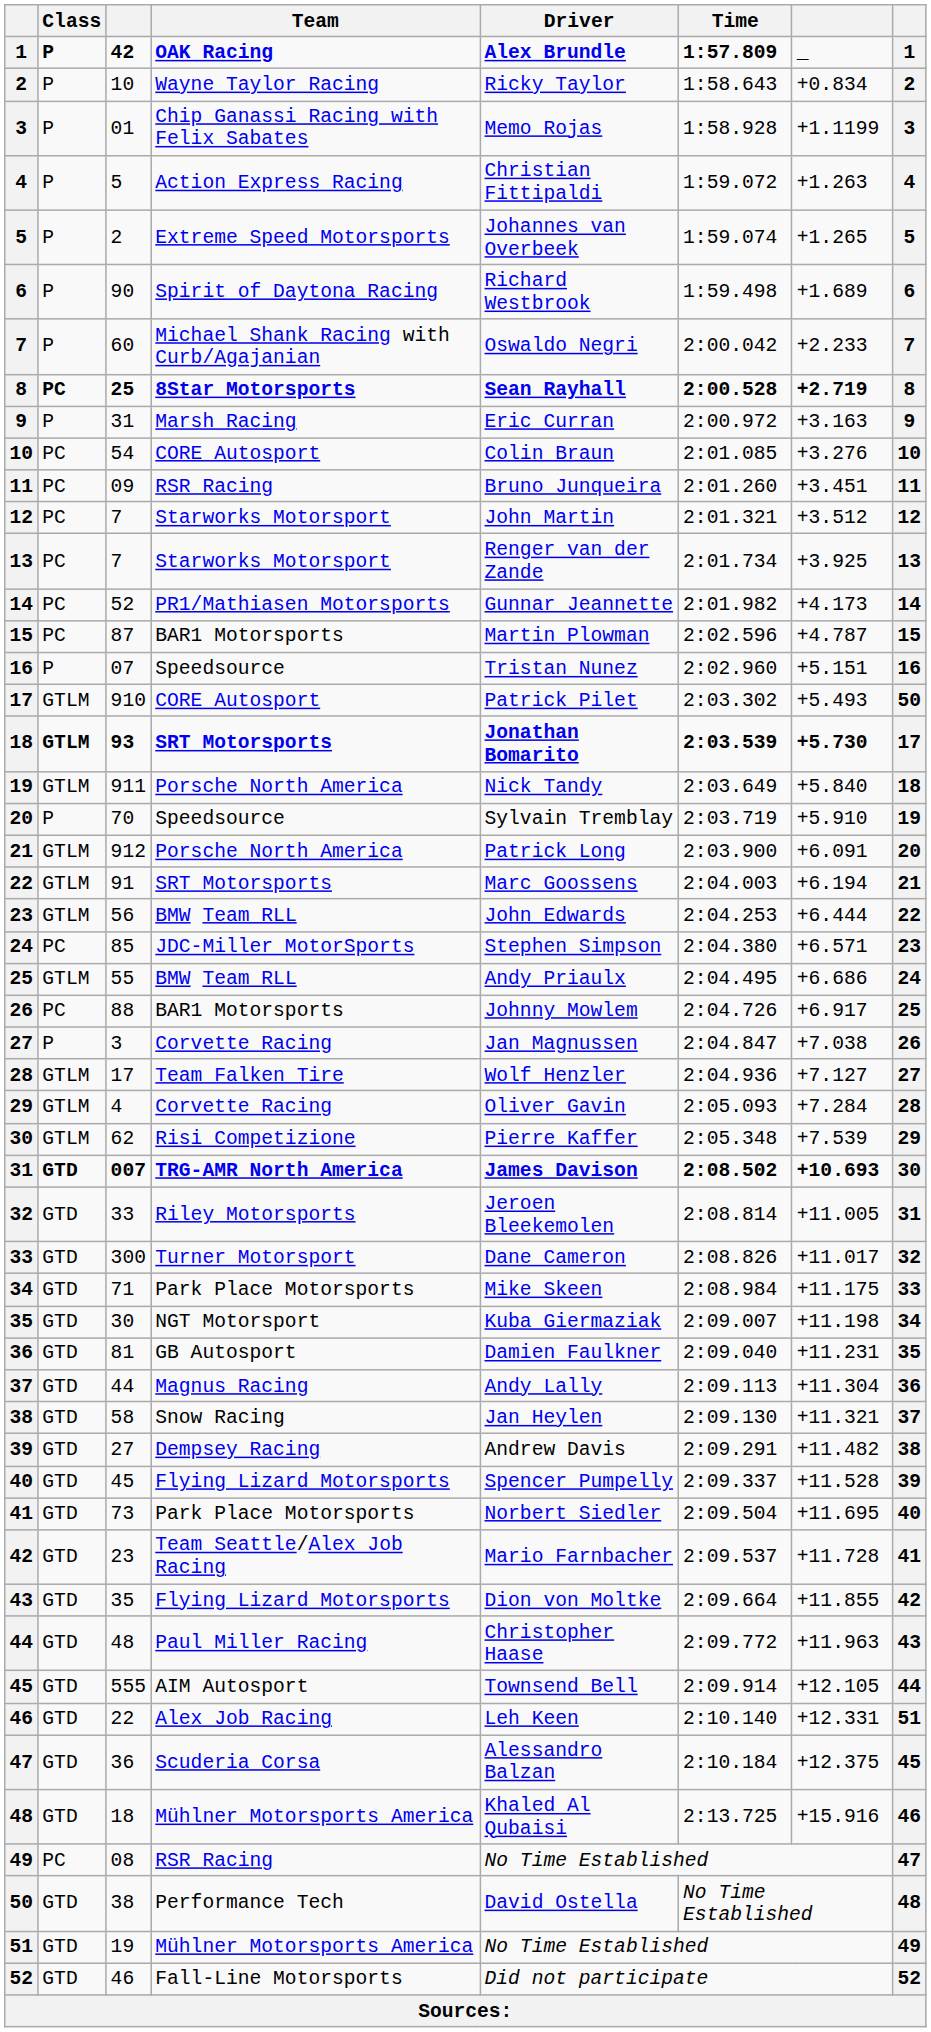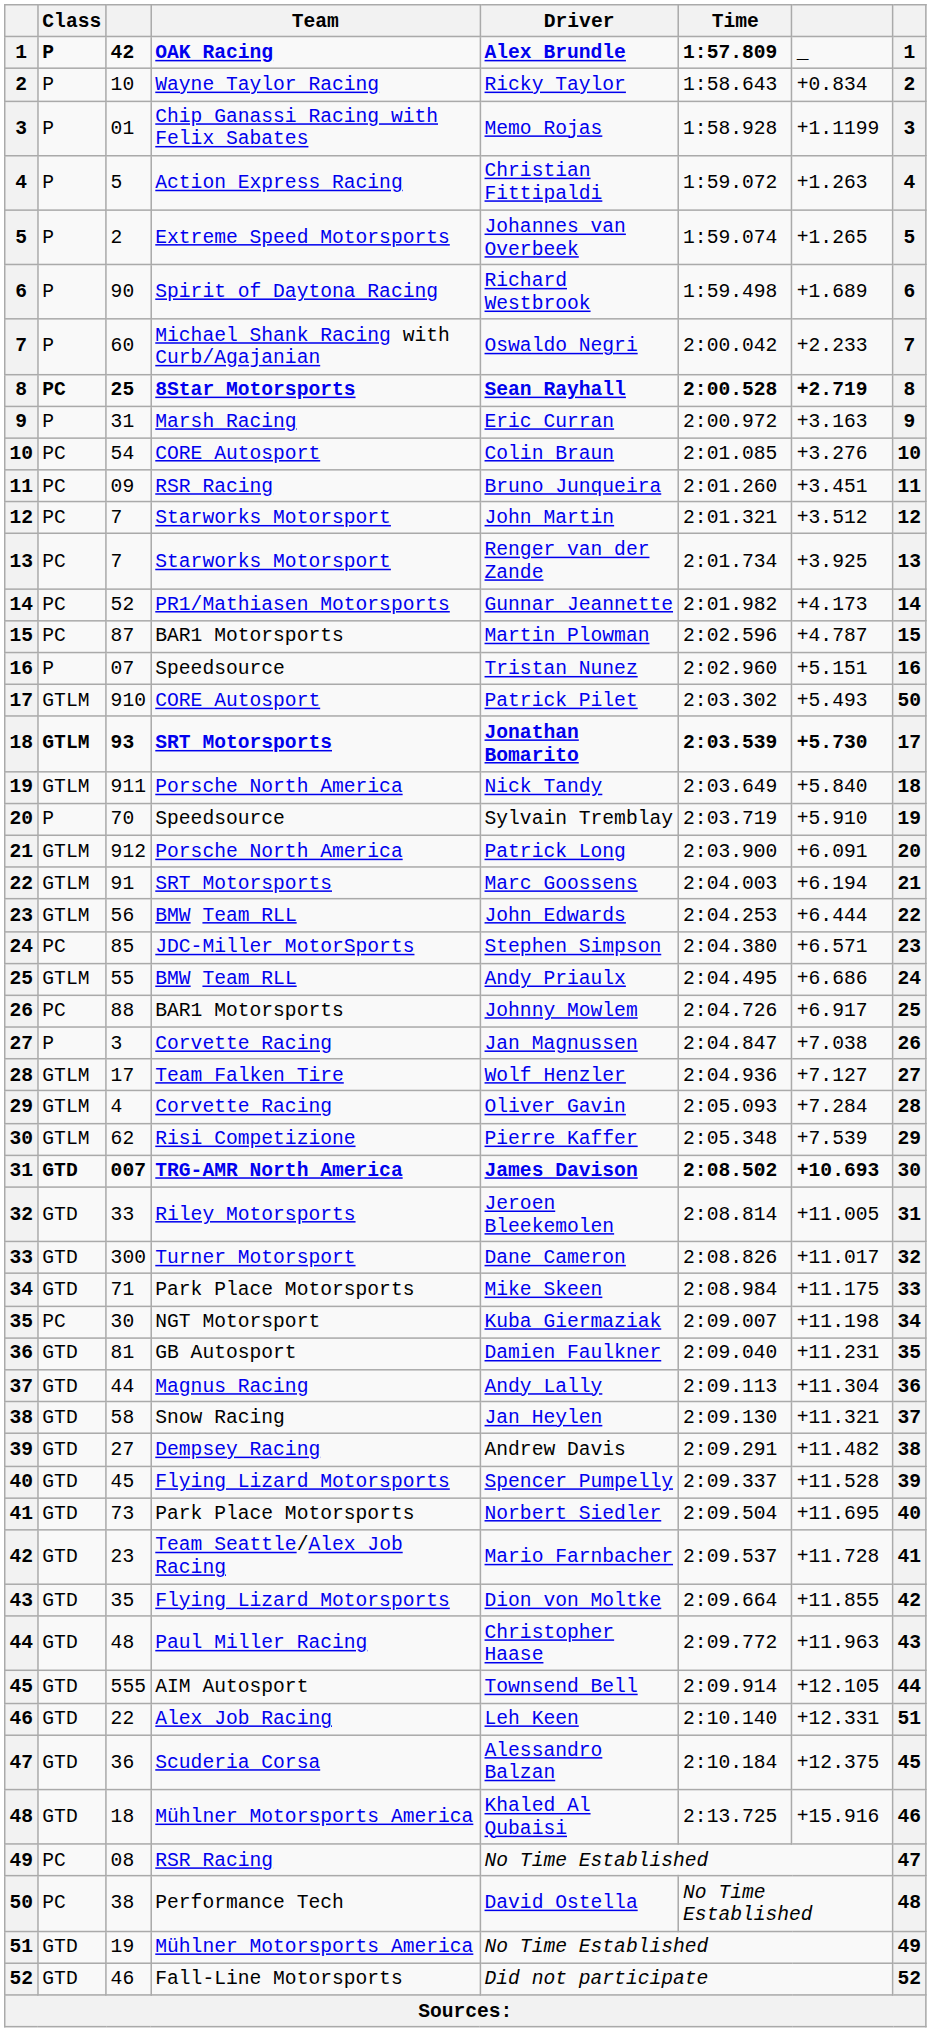 <table class="wikitable">
 <tr>
 <th></th>
 <th>Class</th>
 <th></th>
 <th>Team</th>
 <th>Driver</th>
 <th>Time</th>
 <th></th>
 <th></th>
 </tr>
 <tr>
 <th>1</th>
 <td><strong>P</strong></td>
 <td><strong>42</strong></td>
 <td><strong> <a href='#'>OAK Racing</a></strong></td>
 <td><strong> <a href='#'>Alex Brundle</a></strong></td>
 <td><strong>1:57.809</strong></td>
 <td><strong>_</strong></td>
 <th>1</th>
 </tr>
 <tr>
 <th>2</th>
 <td>P</td>
 <td>10</td>
 <td> <a href='#'>Wayne Taylor Racing</a></td>
 <td> <a href='#'>Ricky Taylor</a></td>
 <td>1:58.643</td>
 <td>+0.834</td>
 <th>2</th>
 </tr>
 <tr>
 <th>3</th>
 <td>P</td>
 <td>01</td>
 <td> <a href='#'>Chip Ganassi Racing with Felix Sabates</a></td>
 <td> <a href='#'>Memo Rojas</a></td>
 <td>1:58.928</td>
 <td>+1.1199</td>
 <th>3</th>
 </tr>
 <tr>
 <th>4</th>
 <td>P</td>
 <td>5</td>
 <td> <a href='#'>Action Express Racing</a></td>
 <td> <a href='#'>Christian Fittipaldi</a></td>
 <td>1:59.072</td>
 <td>+1.263</td>
 <th>4</th>
 </tr>
 <tr>
 <th>5</th>
 <td>P</td>
 <td>2</td>
 <td> <a href='#'>Extreme Speed Motorsports</a></td>
 <td> <a href='#'>Johannes van Overbeek</a></td>
 <td>1:59.074</td>
 <td>+1.265</td>
 <th>5</th>
 </tr>
 <tr>
 <th>6</th>
 <td>P</td>
 <td>90</td>
 <td> <a href='#'>Spirit of Daytona Racing</a></td>
 <td> <a href='#'>Richard Westbrook</a></td>
 <td>1:59.498</td>
 <td>+1.689</td>
 <th>6</th>
 </tr>
 <tr>
 <th>7</th>
 <td>P</td>
 <td>60</td>
 <td> <a href='#'>Michael Shank Racing</a> with <a href='#'>Curb/Agajanian</a></td>
 <td> <a href='#'>Oswaldo Negri</a></td>
 <td>2:00.042</td>
 <td>+2.233</td>
 <th>7</th>
 </tr>
 <tr>
 <th>8</th>
 <td><strong>PC</strong></td>
 <td><strong>25</strong></td>
 <td><strong> <a href='#'>8Star Motorsports</a></strong></td>
 <td><strong> <a href='#'>Sean Rayhall</a></strong></td>
 <td><strong>2:00.528</strong></td>
 <td><strong>+2.719</strong></td>
 <th>8</th>
 </tr>
 <tr>
 <th>9</th>
 <td>P</td>
 <td>31</td>
 <td> <a href='#'>Marsh Racing</a></td>
 <td> <a href='#'>Eric Curran</a></td>
 <td>2:00.972</td>
 <td>+3.163</td>
 <th>9</th>
 </tr>
 <tr>
 <th>10</th>
 <td>PC</td>
 <td>54</td>
 <td> <a href='#'>CORE Autosport</a></td>
 <td> <a href='#'>Colin Braun</a></td>
 <td>2:01.085</td>
 <td>+3.276</td>
 <th>10</th>
 </tr>
 <tr>
 <th>11</th>
 <td>PC</td>
 <td>09</td>
 <td> <a href='#'>RSR Racing</a></td>
 <td> <a href='#'>Bruno Junqueira</a></td>
 <td>2:01.260</td>
 <td>+3.451</td>
 <th>11</th>
 </tr>
 <tr>
 <th>12</th>
 <td>PC</td>
 <td>7</td>
 <td> <a href='#'>Starworks Motorsport</a></td>
 <td> <a href='#'>John Martin</a></td>
 <td>2:01.321</td>
 <td>+3.512</td>
 <th>12</th>
 </tr>
 <tr>
 <th>13</th>
 <td>PC</td>
 <td>7</td>
 <td> <a href='#'>Starworks Motorsport</a></td>
 <td> <a href='#'>Renger van der Zande</a></td>
 <td>2:01.734</td>
 <td>+3.925</td>
 <th>13</th>
 </tr>
 <tr>
 <th>14</th>
 <td>PC</td>
 <td>52</td>
 <td> <a href='#'>PR1/Mathiasen Motorsports</a></td>
 <td> <a href='#'>Gunnar Jeannette</a></td>
 <td>2:01.982</td>
 <td>+4.173</td>
 <th>14</th>
 </tr>
 <tr>
 <th>15</th>
 <td>PC</td>
 <td>87</td>
 <td> BAR1 Motorsports</td>
 <td> <a href='#'>Martin Plowman</a></td>
 <td>2:02.596</td>
 <td>+4.787</td>
 <th>15</th>
 </tr>
 <tr>
 <th>16</th>
 <td>P</td>
 <td>07</td>
 <td> Speedsource</td>
 <td> <a href='#'>Tristan Nunez</a></td>
 <td>2:02.960</td>
 <td>+5.151</td>
 <th>16</th>
 </tr>
 <tr>
 <th>17</th>
 <td>GTLM</td>
 <td>910</td>
 <td> <a href='#'>CORE Autosport</a></td>
 <td> <a href='#'>Patrick Pilet</a></td>
 <td>2:03.302</td>
 <td>+5.493</td>
 <th>50</th>
 </tr>
 <tr>
 <th>18</th>
 <td><strong>GTLM</strong></td>
 <td><strong>93</strong></td>
 <td><strong> <a href='#'>SRT Motorsports</a></strong></td>
 <td><strong> <a href='#'>Jonathan Bomarito</a></strong></td>
 <td><strong>2:03.539</strong></td>
 <td><strong>+5.730</strong></td>
 <th>17</th>
 </tr>
 <tr>
 <th>19</th>
 <td>GTLM</td>
 <td>911</td>
 <td> <a href='#'>Porsche North America</a></td>
 <td> <a href='#'>Nick Tandy</a></td>
 <td>2:03.649</td>
 <td>+5.840</td>
 <th>18</th>
 </tr>
 <tr>
 <th>20</th>
 <td>P</td>
 <td>70</td>
 <td> Speedsource</td>
 <td> Sylvain Tremblay</td>
 <td>2:03.719</td>
 <td>+5.910</td>
 <th>19</th>
 </tr>
 <tr>
 <th>21</th>
 <td>GTLM</td>
 <td>912</td>
 <td> <a href='#'>Porsche North America</a></td>
 <td> <a href='#'>Patrick Long</a></td>
 <td>2:03.900</td>
 <td>+6.091</td>
 <th>20</th>
 </tr>
 <tr>
 <th>22</th>
 <td>GTLM</td>
 <td>91</td>
 <td> <a href='#'>SRT Motorsports</a></td>
 <td> <a href='#'>Marc Goossens</a></td>
 <td>2:04.003</td>
 <td>+6.194</td>
 <th>21</th>
 </tr>
 <tr>
 <th>23</th>
 <td>GTLM</td>
 <td>56</td>
 <td> <a href='#'>BMW</a> <a href='#'>Team RLL</a></td>
 <td> <a href='#'>John Edwards</a></td>
 <td>2:04.253</td>
 <td>+6.444</td>
 <th>22</th>
 </tr>
 <tr>
 <th>24</th>
 <td>PC</td>
 <td>85</td>
 <td> <a href='#'>JDC-Miller MotorSports</a></td>
 <td> <a href='#'>Stephen Simpson</a></td>
 <td>2:04.380</td>
 <td>+6.571</td>
 <th>23</th>
 </tr>
 <tr>
 <th>25</th>
 <td>GTLM</td>
 <td>55</td>
 <td> <a href='#'>BMW</a> <a href='#'>Team RLL</a></td>
 <td> <a href='#'>Andy Priaulx</a></td>
 <td>2:04.495</td>
 <td>+6.686</td>
 <th>24</th>
 </tr>
 <tr>
 <th>26</th>
 <td>PC</td>
 <td>88</td>
 <td> BAR1 Motorsports</td>
 <td> <a href='#'>Johnny Mowlem</a></td>
 <td>2:04.726</td>
 <td>+6.917</td>
 <th>25</th>
 </tr>
 <tr>
 <th>27</th>
 <td>P</td>
 <td>3</td>
 <td> <a href='#'>Corvette Racing</a></td>
 <td> <a href='#'>Jan Magnussen</a></td>
 <td>2:04.847</td>
 <td>+7.038</td>
 <th>26</th>
 </tr>
 <tr>
 <th>28</th>
 <td>GTLM</td>
 <td>17</td>
 <td> <a href='#'>Team Falken Tire</a></td>
 <td> <a href='#'>Wolf Henzler</a></td>
 <td>2:04.936</td>
 <td>+7.127</td>
 <th>27</th>
 </tr>
 <tr>
 <th>29</th>
 <td>GTLM</td>
 <td>4</td>
 <td> <a href='#'>Corvette Racing</a></td>
 <td> <a href='#'>Oliver Gavin</a></td>
 <td>2:05.093</td>
 <td>+7.284</td>
 <th>28</th>
 </tr>
 <tr>
 <th>30</th>
 <td>GTLM</td>
 <td>62</td>
 <td> <a href='#'>Risi Competizione</a></td>
 <td> <a href='#'>Pierre Kaffer</a></td>
 <td>2:05.348</td>
 <td>+7.539</td>
 <th>29</th>
 </tr>
 <tr>
 <th>31</th>
 <td><strong>GTD</strong></td>
 <td><strong>007</strong></td>
 <td><strong> <a href='#'>TRG-AMR North America</a></strong></td>
 <td><strong> <a href='#'>James Davison</a></strong></td>
 <td><strong>2:08.502</strong></td>
 <td><strong>+10.693</strong></td>
 <th>30</th>
 </tr>
 <tr>
 <th>32</th>
 <td>GTD</td>
 <td>33</td>
 <td> <a href='#'>Riley Motorsports</a></td>
 <td> <a href='#'>Jeroen Bleekemolen</a></td>
 <td>2:08.814</td>
 <td>+11.005</td>
 <th>31</th>
 </tr>
 <tr>
 <th>33</th>
 <td>GTD</td>
 <td>300</td>
 <td> <a href='#'>Turner Motorsport</a></td>
 <td> <a href='#'>Dane Cameron</a></td>
 <td>2:08.826</td>
 <td>+11.017</td>
 <th>32</th>
 </tr>
 <tr>
 <th>34</th>
 <td>GTD</td>
 <td>71</td>
 <td> Park Place Motorsports</td>
 <td> <a href='#'>Mike Skeen</a></td>
 <td>2:08.984</td>
 <td>+11.175</td>
 <th>33</th>
 </tr>
 <tr>
 <th>35</th>
-<td>GTD</td>
+<td>PC</td>
 <td>30</td>
 <td> NGT Motorsport</td>
 <td> <a href='#'>Kuba Giermaziak</a></td>
 <td>2:09.007</td>
 <td>+11.198</td>
 <th>34</th>
 </tr>
 <tr>
 <th>36</th>
 <td>GTD</td>
 <td>81</td>
 <td> GB Autosport</td>
 <td> <a href='#'>Damien Faulkner</a></td>
 <td>2:09.040</td>
 <td>+11.231</td>
 <th>35</th>
 </tr>
 <tr>
 <th>37</th>
 <td>GTD</td>
 <td>44</td>
 <td> <a href='#'>Magnus Racing</a></td>
 <td> <a href='#'>Andy Lally</a></td>
 <td>2:09.113</td>
 <td>+11.304</td>
 <th>36</th>
 </tr>
 <tr>
 <th>38</th>
 <td>GTD</td>
 <td>58</td>
 <td> Snow Racing</td>
 <td> <a href='#'>Jan Heylen</a></td>
 <td>2:09.130</td>
 <td>+11.321</td>
 <th>37</th>
 </tr>
 <tr>
 <th>39</th>
 <td>GTD</td>
 <td>27</td>
 <td> <a href='#'>Dempsey Racing</a></td>
 <td> Andrew Davis</td>
 <td>2:09.291</td>
 <td>+11.482</td>
 <th>38</th>
 </tr>
 <tr>
 <th>40</th>
 <td>GTD</td>
 <td>45</td>
 <td> <a href='#'>Flying Lizard Motorsports</a></td>
 <td> <a href='#'>Spencer Pumpelly</a></td>
 <td>2:09.337</td>
 <td>+11.528</td>
 <th>39</th>
 </tr>
 <tr>
 <th>41</th>
 <td>GTD</td>
 <td>73</td>
 <td> Park Place Motorsports</td>
 <td> <a href='#'>Norbert Siedler</a></td>
 <td>2:09.504</td>
 <td>+11.695</td>
 <th>40</th>
 </tr>
 <tr>
 <th>42</th>
 <td>GTD</td>
 <td>23</td>
 <td> <a href='#'>Team Seattle</a>/<a href='#'>Alex Job Racing</a></td>
 <td> <a href='#'>Mario Farnbacher</a></td>
 <td>2:09.537</td>
 <td>+11.728</td>
 <th>41</th>
 </tr>
 <tr>
 <th>43</th>
 <td>GTD</td>
 <td>35</td>
 <td> <a href='#'>Flying Lizard Motorsports</a></td>
 <td> <a href='#'>Dion von Moltke</a></td>
 <td>2:09.664</td>
 <td>+11.855</td>
 <th>42</th>
 </tr>
 <tr>
 <th>44</th>
 <td>GTD</td>
 <td>48</td>
 <td> <a href='#'>Paul Miller Racing</a></td>
 <td> <a href='#'>Christopher Haase</a></td>
 <td>2:09.772</td>
 <td>+11.963</td>
 <th>43</th>
 </tr>
 <tr>
 <th>45</th>
 <td>GTD</td>
 <td>555</td>
 <td> AIM Autosport</td>
 <td> <a href='#'>Townsend Bell</a></td>
 <td>2:09.914</td>
 <td>+12.105</td>
 <th>44</th>
 </tr>
 <tr>
 <th>46</th>
 <td>GTD</td>
 <td>22</td>
 <td> <a href='#'>Alex Job Racing</a></td>
 <td> <a href='#'>Leh Keen</a></td>
 <td>2:10.140</td>
 <td>+12.331</td>
 <th>51</th>
 </tr>
 <tr>
 <th>47</th>
 <td>GTD</td>
 <td>36</td>
 <td> <a href='#'>Scuderia Corsa</a></td>
 <td> <a href='#'>Alessandro Balzan</a></td>
 <td>2:10.184</td>
 <td>+12.375</td>
 <th>45</th>
 </tr>
 <tr>
 <th>48</th>
 <td>GTD</td>
 <td>18</td>
 <td> <a href='#'>Mühlner Motorsports America</a></td>
 <td> <a href='#'>Khaled Al Qubaisi</a></td>
 <td>2:13.725</td>
 <td>+15.916</td>
 <th>46</th>
 </tr>
 <tr>
 <th>49</th>
 <td>PC</td>
 <td>08</td>
 <td> <a href='#'>RSR Racing</a></td>
 <td colspan="3"><em>No Time Established</em></td>
 <th>47</th>
 </tr>
 <tr>
 <th>50</th>
-<td>GTD</td>
+<td>PC</td>
 <td>38</td>
 <td> Performance Tech</td>
 <td> <a href='#'>David Ostella</a></td>
 <td colspan="2"><em>No Time Established</em></td>
 <th>48</th>
 </tr>
 <tr>
 <th>51</th>
 <td>GTD</td>
 <td>19</td>
 <td> <a href='#'>Mühlner Motorsports America</a></td>
 <td colspan="3"><em>No Time Established</em></td>
 <th>49</th>
 </tr>
 <tr>
 <th>52</th>
 <td>GTD</td>
 <td>46</td>
 <td> Fall-Line Motorsports</td>
 <td colspan="3"><em>Did not participate</em></td>
 <th>52</th>
 </tr>
 <tr>
 <th colspan="8">Sources:</th>
 </tr>
 </table>
